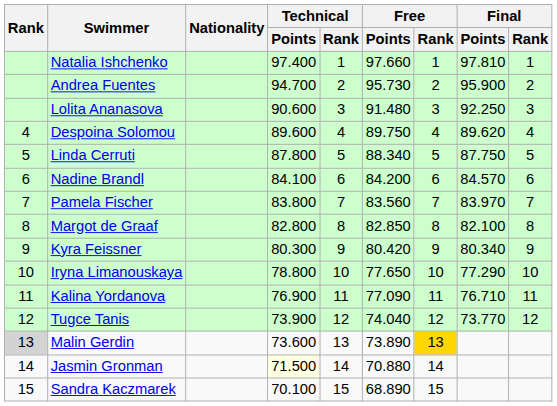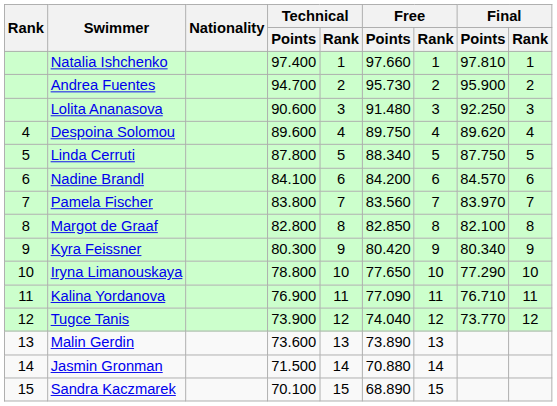 <table class="wikitable" style="text-align:center">
 <tr>
 <th rowspan="2">Rank</th>
 <th rowspan="2">Swimmer</th>
 <th rowspan="2">Nationality</th>
 <th colspan="2">Technical</th>
 <th colspan="2">Free</th>
 <th colspan="2">Final</th>
 </tr>
 <tr>
 <th>Points</th>
 <th>Rank</th>
 <th>Points</th>
 <th>Rank</th>
 <th>Points</th>
 <th>Rank</th>
 </tr>
 <tr bgcolor=ccffcc>
 <td></td>
 <td align=left><a href='#'>Natalia Ishchenko</a></td>
 <td align=left></td>
 <td>97.400</td>
 <td>1</td>
 <td>97.660</td>
 <td>1</td>
 <td>97.810</td>
 <td>1</td>
 </tr>
 <tr bgcolor=ccffcc>
 <td></td>
 <td align=left><a href='#'>Andrea Fuentes</a></td>
 <td align=left></td>
 <td>94.700</td>
 <td>2</td>
 <td>95.730</td>
 <td>2</td>
 <td>95.900</td>
 <td>2</td>
 </tr>
 <tr bgcolor=ccffcc>
 <td></td>
 <td align=left><a href='#'>Lolita Ananasova</a></td>
 <td align=left></td>
 <td>90.600</td>
 <td>3</td>
 <td>91.480</td>
 <td>3</td>
 <td>92.250</td>
 <td>3</td>
 </tr>
 <tr bgcolor=ccffcc>
 <td>4</td>
 <td align=left><a href='#'>Despoina Solomou</a></td>
 <td align=left></td>
 <td>89.600</td>
 <td>4</td>
 <td>89.750</td>
 <td>4</td>
 <td>89.620</td>
 <td>4</td>
 </tr>
 <tr bgcolor=ccffcc>
 <td>5</td>
 <td align=left><a href='#'>Linda Cerruti</a></td>
 <td align=left></td>
 <td>87.800</td>
 <td>5</td>
 <td>88.340</td>
 <td>5</td>
 <td>87.750</td>
 <td>5</td>
 </tr>
 <tr bgcolor=ccffcc>
 <td>6</td>
 <td align=left><a href='#'>Nadine Brandl</a></td>
 <td align=left></td>
 <td>84.100</td>
 <td>6</td>
 <td>84.200</td>
 <td>6</td>
 <td>84.570</td>
 <td>6</td>
 </tr>
 <tr bgcolor=ccffcc>
 <td>7</td>
 <td align=left><a href='#'>Pamela Fischer</a></td>
 <td align=left></td>
 <td>83.800</td>
 <td>7</td>
 <td>83.560</td>
 <td>7</td>
 <td>83.970</td>
 <td>7</td>
 </tr>
 <tr bgcolor=ccffcc>
 <td>8</td>
 <td align=left><a href='#'>Margot de Graaf</a></td>
 <td align=left></td>
 <td>82.800</td>
 <td>8</td>
 <td>82.850</td>
 <td>8</td>
 <td>82.100</td>
 <td>8</td>
 </tr>
 <tr bgcolor=ccffcc>
 <td>9</td>
 <td align=left><a href='#'>Kyra Feissner</a></td>
 <td align=left></td>
 <td>80.300</td>
 <td>9</td>
 <td>80.420</td>
 <td>9</td>
 <td>80.340</td>
 <td>9</td>
 </tr>
 <tr bgcolor=ccffcc>
 <td>10</td>
 <td align=left><a href='#'>Iryna Limanouskaya</a></td>
 <td align=left></td>
 <td>78.800</td>
 <td>10</td>
 <td>77.650</td>
 <td>10</td>
 <td>77.290</td>
 <td>10</td>
 </tr>
 <tr bgcolor=ccffcc>
 <td>11</td>
 <td align=left><a href='#'>Kalina Yordanova</a></td>
 <td align=left></td>
 <td>76.900</td>
 <td>11</td>
 <td>77.090</td>
 <td>11</td>
 <td>76.710</td>
 <td>11</td>
 </tr>
 <tr bgcolor=ccffcc>
 <td>12</td>
 <td align=left><a href='#'>Tugce Tanis</a></td>
 <td align=left></td>
 <td>73.900</td>
 <td>12</td>
 <td>74.040</td>
 <td>12</td>
 <td>73.770</td>
 <td>12</td>
 </tr>
 <tr>
-<td style="background: lightgrey;">13</td>
+<td>13</td>
 <td align=left><a href='#'>Malin Gerdin</a></td>
 <td align=left></td>
 <td>73.600</td>
 <td>13</td>
 <td>73.890</td>
-<td style="background: gold;">13</td>
+<td>13</td>
 <td></td>
 <td></td>
 </tr>
 <tr>
 <td>14</td>
 <td align=left><a href='#'>Jasmin Gronman</a></td>
 <td align=left></td>
-<td style="background: lightyellow;">71.500</td>
+<td>71.500</td>
 <td>14</td>
 <td>70.880</td>
 <td>14</td>
 <td></td>
 <td></td>
 </tr>
 <tr>
 <td>15</td>
 <td align=left><a href='#'>Sandra Kaczmarek</a></td>
 <td align=left></td>
 <td>70.100</td>
 <td>15</td>
 <td>68.890</td>
 <td>15</td>
 <td></td>
 <td></td>
 </tr>
 </table>
